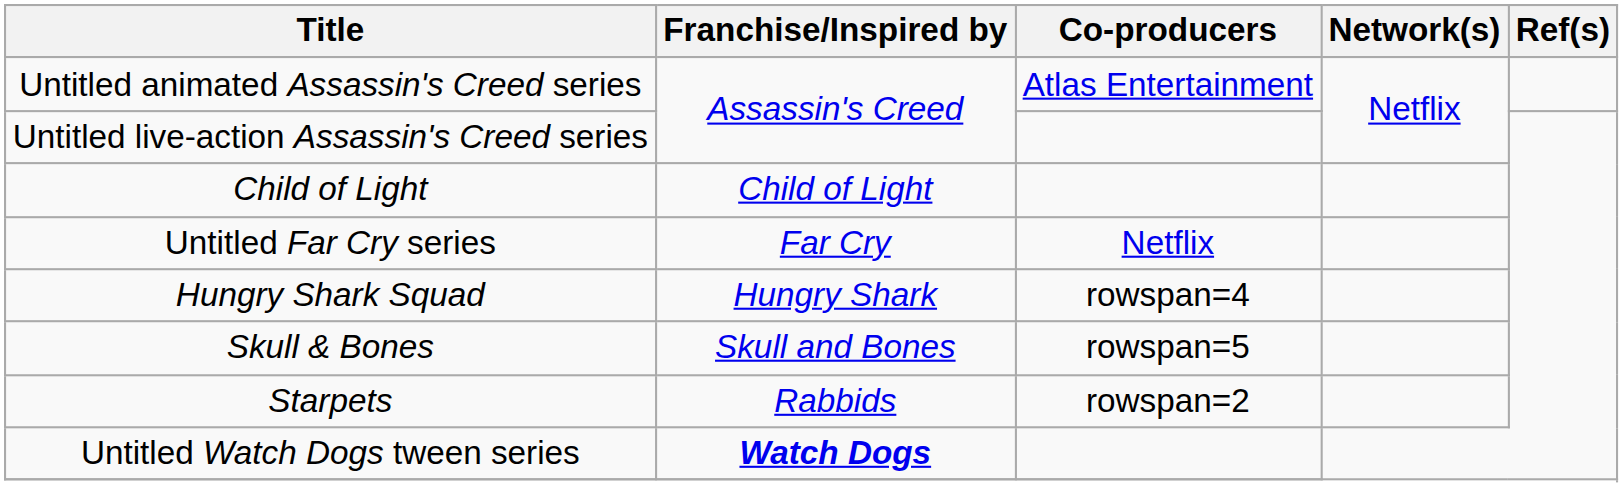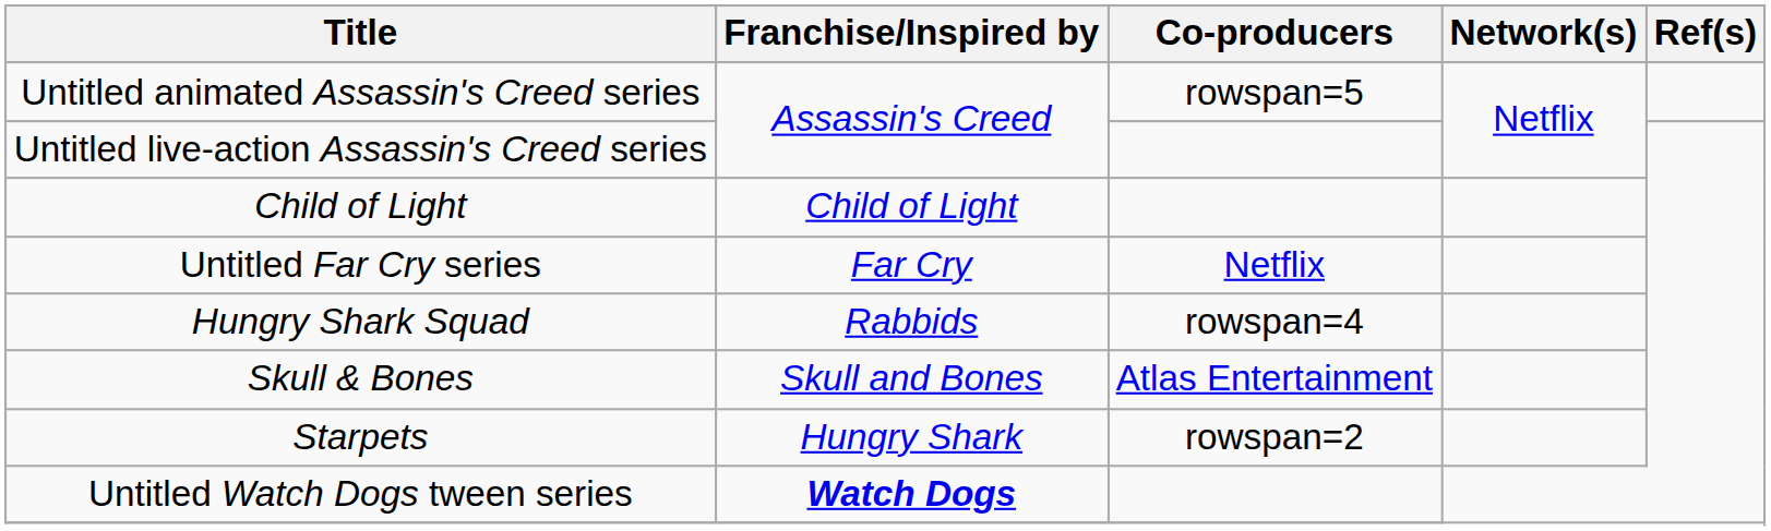 <table class="wikitable sortable" style="text-align:center;">
 <tr>
 <th>Title</th>
 <th>Franchise/Inspired by</th>
 <th>Co-producers</th>
 <th>Network(s)</th>
 <th>Ref(s)</th>
 </tr>
 <tr>
 <td>Untitled animated <em>Assassin's Creed</em> series</td>
 <td rowspan=2><em><a href='#'>Assassin's Creed</a></em></td>
-<td><a href='#'>Atlas Entertainment</a></td>
+<td>rowspan=5  </td>
 <td rowspan=2><a href='#'>Netflix</a></td>
 <td></td>
 </tr>
 <tr>
 <td>Untitled live-action <em>Assassin's Creed</em> series</td>
 <td></td>
 </tr>
 <tr>
 <td><em>Child of Light</em></td>
 <td><em><a href='#'>Child of Light</a></em></td>
 <td></td>
 <td></td>
 </tr>
 <tr>
 <td>Untitled <em>Far Cry</em> series</td>
 <td><em><a href='#'>Far Cry</a></em></td>
 <td><a href='#'>Netflix</a></td>
 <td></td>
 </tr>
 <tr>
 <td><em>Hungry Shark Squad</em></td>
-<td><em><a href='#'>Hungry Shark</a></em></td>
+<td><em><a href='#'>Rabbids</a></em></td>
 <td>rowspan=4 </td>
 <td></td>
 </tr>
 <tr>
 <td><em>Skull & Bones</em></td>
 <td><em><a href='#'>Skull and Bones</a></em></td>
-<td>rowspan=5  </td>
+<td><a href='#'>Atlas Entertainment</a></td>
 <td></td>
 </tr>
 <tr>
 <td><em>Starpets</em></td>
-<td><em><a href='#'>Rabbids</a></em></td>
+<td><em><a href='#'>Hungry Shark</a></em></td>
 <td>rowspan=2 </td>
 <td></td>
 </tr>
 <tr>
 <td>Untitled <em>Watch Dogs</em> tween series</td>
 <td><strong><em><a href='#'>Watch Dogs</a></em></strong></td>
 <td></td>
 </tr>
 <tr>
 </tr>
 </table>
